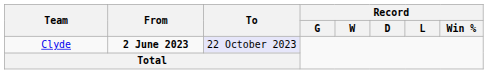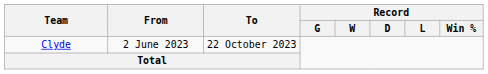 <table class="wikitable" style="text-align: center">
 <tr>
 <th rowspan="2!" style="width:130px;">Team</th>
 <th rowspan="2!" style="width:120px;">From</th>
 <th rowspan="2!" style="width:120px;">To</th>
 <th colspan=5>Record</th>
 </tr>
 <tr>
 <th width=40>G</th>
 <th width=40>W</th>
 <th width=40>D</th>
 <th width=40>L</th>
 <th width=50>Win %</th>
 </tr>
 <tr>
 <td align=centre><a href='#'>Clyde</a></td>
-<td align=centre><strong>2 June 2023</strong></td>
-<td align=centre style="background: lavender;">22 October 2023<br></td>
+<td align=centre>2 June 2023</td>
+<td align=centre>22 October 2023<br></td>
 </tr>
 <tr>
 <th colspan=3>Total<br></th>
 </tr>
 </table>
